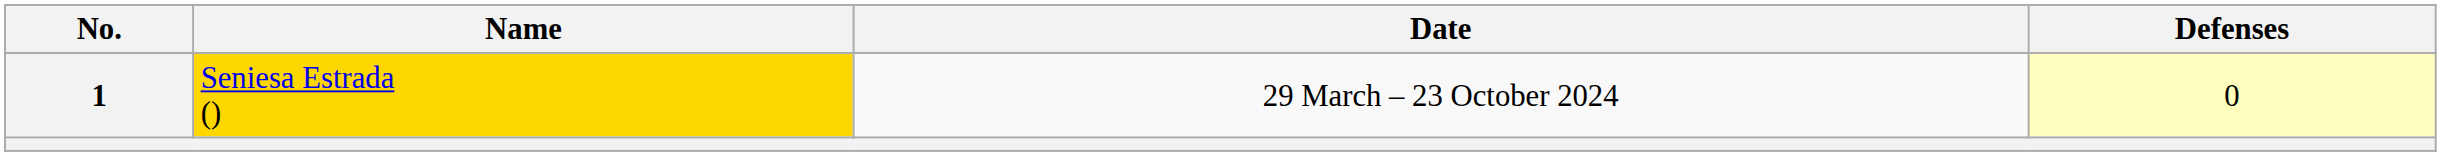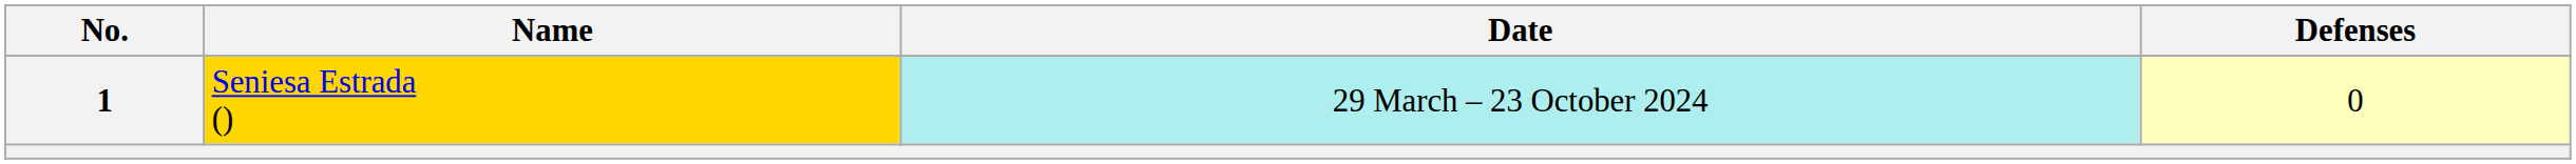 <table class="wikitable sortable" style="width:80%;">
 <tr>
 <th>No.</th>
 <th>Name</th>
 <th>Date</th>
 <th>Defenses</th>
 </tr>
 <tr align=center>
 <th>1</th>
 <td align="left" style="background: gold;"><a href='#'>Seniesa Estrada</a><br>()</td>
-<td>29 March – 23 October 2024</td>
+<td style="background: paleturquoise;">29 March – 23 October 2024</td>
 <td style="background:#ffffbf;">0</td>
 </tr>
 <tr align=center>
 <th colspan=4></th>
 </tr>
 </table>
